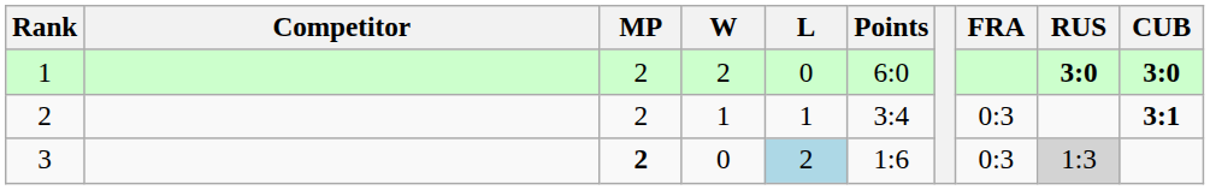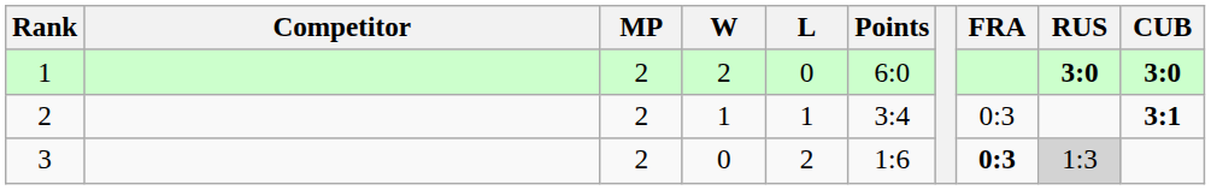 <table class="wikitable" style="text-align:center">
 <tr>
 <th>Rank</th>
 <th style="width:18em">Competitor</th>
 <th style="width:2.5em">MP</th>
 <th style="width:2.5em">W</th>
 <th style="width:2.5em">L</th>
 <th>Points</th>
 <th rowspan="4"> </th>
 <th style="width:2.5em">FRA</th>
 <th style="width:2.5em">RUS</th>
 <th style="width:2.5em">CUB</th>
 </tr>
 <tr style="background:#cfc;">
 <td>1</td>
 <td style="text-align:left"></td>
 <td>2</td>
 <td>2</td>
 <td>0</td>
 <td>6:0</td>
 <td></td>
 <td><strong>3:0</strong></td>
 <td><strong>3:0</strong></td>
 </tr>
 <tr>
 <td>2</td>
 <td style="text-align:left"></td>
 <td>2</td>
 <td>1</td>
 <td>1</td>
 <td>3:4</td>
 <td>0:3</td>
 <td></td>
 <td><strong>3:1</strong></td>
 </tr>
 <tr>
 <td>3</td>
 <td style="text-align:left"></td>
-<td><strong>2</strong></td>
+<td>2</td>
 <td>0</td>
-<td style="background: lightblue;">2</td>
+<td>2</td>
 <td>1:6</td>
-<td>0:3</td>
+<td><strong>0:3</strong></td>
 <td style="background: lightgrey;">1:3</td>
 <td></td>
 </tr>
 </table>
